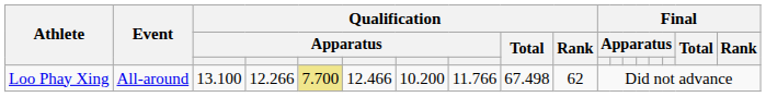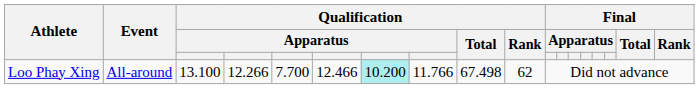 <table class="wikitable" style="font-size:90%">
 <tr>
 <th rowspan=3>Athlete</th>
 <th rowspan=3>Event</th>
 <th colspan =8>Qualification</th>
 <th colspan =8>Final</th>
 </tr>
 <tr style="font-size:95%">
 <th colspan=6>Apparatus</th>
 <th rowspan=2>Total</th>
 <th rowspan=2>Rank</th>
 <th colspan=6>Apparatus</th>
 <th rowspan=2>Total</th>
 <th rowspan=2>Rank</th>
 </tr>
 <tr style="font-size:95%">
 <th></th>
 <th></th>
 <th></th>
 <th></th>
 <th></th>
 <th></th>
 <th></th>
 <th></th>
 <th></th>
 <th></th>
 <th></th>
 <th></th>
 </tr>
 <tr align=center>
 <td align=left><a href='#'>Loo Phay Xing</a></td>
 <td align=left><a href='#'>All-around</a></td>
 <td>13.100</td>
 <td>12.266</td>
-<td style="background: khaki;">7.700</td>
+<td>7.700</td>
 <td>12.466</td>
-<td>10.200</td>
+<td style="background: paleturquoise;">10.200</td>
 <td>11.766</td>
 <td>67.498</td>
 <td>62</td>
 <td colspan="8">Did not advance</td>
 </tr>
 </table>
